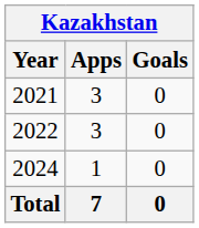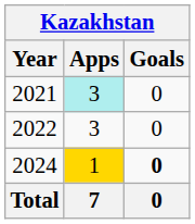 <table class="wikitable" style="text-align:center">
 <tr>
 <th colspan=4><a href='#'>Kazakhstan</a></th>
 </tr>
 <tr>
 <th>Year</th>
 <th>Apps</th>
 <th>Goals</th>
 </tr>
 <tr>
 <td>2021</td>
-<td>3</td>
+<td style="background: paleturquoise;">3</td>
 <td>0</td>
 </tr>
 <tr>
 <td>2022</td>
 <td>3</td>
 <td>0</td>
 </tr>
 <tr>
 <td>2024</td>
-<td>1</td>
-<td>0</td>
+<td style="background: gold;">1</td>
+<td><strong>0</strong></td>
 </tr>
 <tr>
 <th>Total</th>
 <th>7</th>
 <th>0</th>
 </tr>
 </table>
